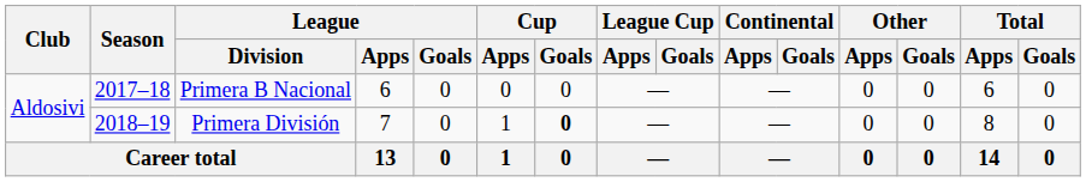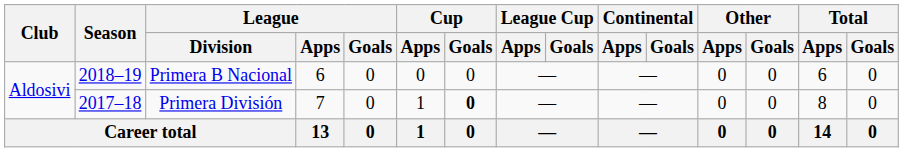 <table class="wikitable" style="text-align:center">
 <tr>
 <th rowspan="2">Club</th>
 <th rowspan="2">Season</th>
 <th colspan="3">League</th>
 <th colspan="2">Cup</th>
 <th colspan="2">League Cup</th>
 <th colspan="2">Continental</th>
 <th colspan="2">Other</th>
 <th colspan="2">Total</th>
 </tr>
 <tr>
 <th>Division</th>
 <th>Apps</th>
 <th>Goals</th>
 <th>Apps</th>
 <th>Goals</th>
 <th>Apps</th>
 <th>Goals</th>
 <th>Apps</th>
 <th>Goals</th>
 <th>Apps</th>
 <th>Goals</th>
 <th>Apps</th>
 <th>Goals</th>
 </tr>
 <tr>
 <td rowspan="2"><a href='#'>Aldosivi</a></td>
-<td><a href='#'>2017–18</a></td>
+<td><a href='#'>2018–19</a></td>
 <td rowspan="1"><a href='#'>Primera B Nacional</a></td>
 <td>6</td>
 <td>0</td>
 <td>0</td>
 <td>0</td>
 <td colspan="2">—</td>
 <td colspan="2">—</td>
 <td>0</td>
 <td>0</td>
 <td>6</td>
 <td>0</td>
 </tr>
 <tr>
-<td><a href='#'>2018–19</a></td>
+<td><a href='#'>2017–18</a></td>
 <td rowspan="1"><a href='#'>Primera División</a></td>
 <td>7</td>
 <td>0</td>
 <td>1</td>
 <td><strong>0</strong></td>
 <td colspan="2">—</td>
 <td colspan="2">—</td>
 <td>0</td>
 <td>0</td>
 <td>8</td>
 <td>0</td>
 </tr>
 <tr>
 <th colspan="3">Career total</th>
 <th>13</th>
 <th>0</th>
 <th>1</th>
 <th>0</th>
 <th colspan="2">—</th>
 <th colspan="2">—</th>
 <th>0</th>
 <th>0</th>
 <th>14</th>
 <th>0</th>
 </tr>
 </table>
